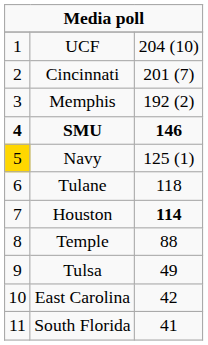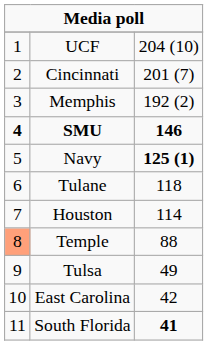 <table class="wikitable">
 <tr align="center">
 <td align="center" Colspan="3"><strong>Media poll</strong></td>
 </tr>
 <tr align="center">
 </tr>
 <tr align="center">
 <td>1</td>
 <td>UCF</td>
 <td>204 (10)</td>
 </tr>
 <tr align="center">
 <td>2</td>
 <td>Cincinnati</td>
 <td>201 (7)</td>
 </tr>
 <tr align="center">
 <td>3</td>
 <td>Memphis</td>
 <td>192 (2)</td>
 </tr>
 <tr align="center">
 <td><strong>4</strong></td>
 <td><strong>SMU</strong></td>
 <td><strong>146</strong></td>
 </tr>
 <tr align="center">
-<td style="background: gold;">5</td>
+<td>5</td>
 <td>Navy</td>
-<td>125 (1)</td>
+<td><strong>125 (1)</strong></td>
 </tr>
 <tr align="center">
 <td>6</td>
 <td>Tulane</td>
 <td>118</td>
 </tr>
 <tr align="center">
 <td>7</td>
 <td>Houston</td>
-<td><strong>114</strong></td>
+<td>114</td>
 </tr>
 <tr align="center">
-<td>8</td>
+<td style="background: lightsalmon;">8</td>
 <td>Temple</td>
 <td>88</td>
 </tr>
 <tr align="center">
 <td>9</td>
 <td>Tulsa</td>
 <td>49</td>
 </tr>
 <tr align="center">
 <td>10</td>
 <td>East Carolina</td>
 <td>42</td>
 </tr>
 <tr align="center">
 <td>11</td>
 <td>South Florida</td>
-<td>41</td>
+<td><strong>41</strong></td>
 </tr>
 </table>
